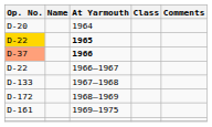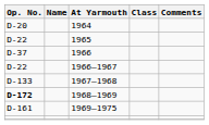 <table class="wikitable">
 <tr>
 <th>Op. No.</th>
 <th>Name</th>
 <th>At Yarmouth</th>
 <th>Class</th>
 <th>Comments</th>
 </tr>
 <tr>
 <td>D-20</td>
 <td></td>
 <td>1964</td>
 <td></td>
 <td></td>
 </tr>
 <tr>
-<td style="background: gold;">D-22</td>
+<td>D-22</td>
 <td></td>
-<td><strong>1965</strong></td>
+<td>1965</td>
 <td></td>
 <td></td>
 </tr>
 <tr>
-<td style="background: lightsalmon;">D-37</td>
+<td>D-37</td>
 <td></td>
-<td><strong>1966</strong></td>
+<td>1966</td>
 <td></td>
 <td></td>
 </tr>
 <tr>
 <td>D-22</td>
 <td></td>
 <td>1966–1967</td>
 <td></td>
 <td></td>
 </tr>
 <tr>
 <td>D-133</td>
 <td></td>
 <td>1967–1968</td>
 <td></td>
 <td></td>
 </tr>
 <tr>
-<td>D-172</td>
+<td><strong>D-172</strong></td>
 <td></td>
 <td>1968–1969</td>
 <td></td>
 <td></td>
 </tr>
 <tr>
 <td>D-161</td>
 <td></td>
 <td>1969–1975</td>
 <td></td>
 <td></td>
 </tr>
 <tr>
 <td></td>
 <td></td>
 <td></td>
 <td></td>
 <td></td>
 </tr>
 <tr>
 </tr>
 </table>
